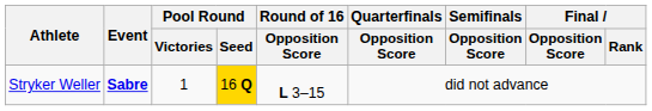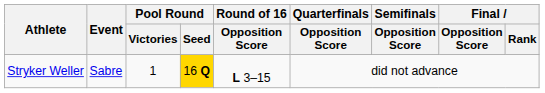 <table class=wikitable style="font-size:90%">
 <tr>
 <th rowspan="2">Athlete</th>
 <th rowspan="2">Event</th>
 <th colspan=2>Pool Round</th>
 <th>Round of 16</th>
 <th>Quarterfinals</th>
 <th>Semifinals</th>
 <th colspan=2>Final / </th>
 </tr>
 <tr style="font-size:95%">
 <th>Victories</th>
 <th>Seed</th>
 <th>Opposition<br>Score</th>
 <th>Opposition<br>Score</th>
 <th>Opposition<br>Score</th>
 <th>Opposition<br>Score</th>
 <th>Rank</th>
 </tr>
 <tr align=center>
 <td align=left><a href='#'>Stryker Weller</a></td>
-<td align=left><strong><a href='#'>Sabre</a></strong></td>
+<td align=left><a href='#'>Sabre</a></td>
 <td>1</td>
 <td style="background: gold;">16 <strong>Q</strong></td>
 <td align=center><br><strong>L</strong> 3–15</td>
 <td align=center colspan=4>did not advance</td>
 </tr>
 </table>
